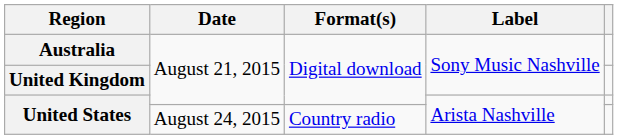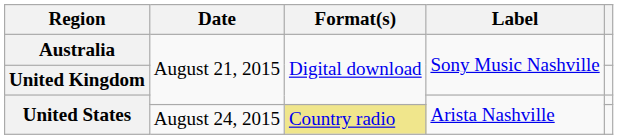 <table class="wikitable plainrowheaders">
 <tr>
 <th scope="col">Region</th>
 <th scope="col">Date</th>
 <th scope="col">Format(s)</th>
 <th scope="col">Label</th>
 <th scope="col"></th>
 </tr>
 <tr>
 <th scope="row">Australia</th>
 <td rowspan="3">August 21, 2015</td>
 <td rowspan="3"><a href='#'>Digital download</a></td>
 <td rowspan="2"><a href='#'>Sony Music Nashville</a></td>
 <td style="text-align:center;"></td>
 </tr>
 <tr>
 <th scope="row">United Kingdom</th>
 <td style="text-align:center;"></td>
 </tr>
 <tr>
 <th scope="row" rowspan="2">United States</th>
 <td rowspan="2"><a href='#'>Arista Nashville</a></td>
 <td style="text-align:center;"></td>
 </tr>
 <tr>
 <td>August 24, 2015</td>
-<td><a href='#'>Country radio</a></td>
+<td style="background: khaki;"><a href='#'>Country radio</a></td>
 <td style="text-align:center;"></td>
 </tr>
 </table>
